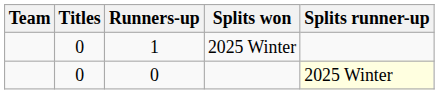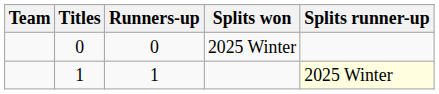 <table class="wikitable sortable">
 <tr>
 <th>Team</th>
 <th>Titles</th>
 <th>Runners-up</th>
 <th>Splits won</th>
 <th>Splits runner-up</th>
 </tr>
 <tr>
 <td></td>
 <td align=center>0</td>
-<td align=center>1</td>
+<td align=center>0</td>
 <td>2025 Winter</td>
 <td></td>
 </tr>
 <tr>
 <td></td>
-<td align=center>0</td>
-<td align=center>0</td>
+<td align=center>1</td>
+<td align=center>1</td>
 <td></td>
 <td style="background: lightyellow;">2025 Winter</td>
 </tr>
 </table>
